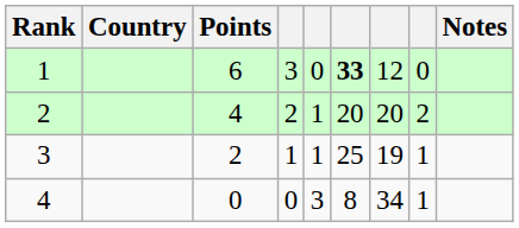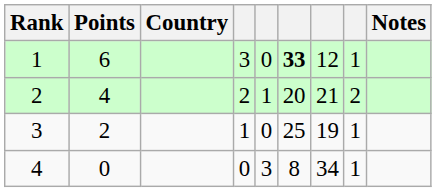 <table class="wikitable sortable" style="text-align: center;">
 <tr>
 <th>Rank</th>
+<th>Points</th>
 <th>Country</th>
-<th>Points</th>
 <th></th>
 <th></th>
 <th></th>
 <th></th>
 <th></th>
 <th>Notes</th>
 </tr>
 <tr style="background:#cfc;">
 <td>1</td>
+<td>6</td>
 <td align=left></td>
-<td>6</td>
 <td>3</td>
 <td>0</td>
 <td><strong>33</strong></td>
 <td>12</td>
-<td>0</td>
+<td>1</td>
 <td></td>
 </tr>
 <tr style="background:#cfc;">
 <td>2</td>
+<td>4</td>
 <td align=left></td>
-<td>4</td>
 <td>2</td>
 <td>1</td>
 <td>20</td>
-<td>20</td>
+<td>21</td>
 <td>2</td>
 <td></td>
 </tr>
 <tr>
 <td>3</td>
+<td>2</td>
 <td align=left></td>
-<td>2</td>
 <td>1</td>
-<td>1</td>
+<td>0</td>
 <td>25</td>
 <td>19</td>
 <td>1</td>
 <td></td>
 </tr>
 <tr>
 <td>4</td>
+<td>0</td>
 <td align=left></td>
-<td>0</td>
 <td>0</td>
 <td>3</td>
 <td>8</td>
 <td>34</td>
 <td>1</td>
 <td></td>
 </tr>
 </table>
